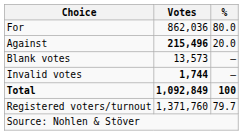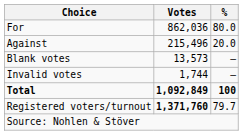 <table class=wikitable style=text-align:right>
 <tr>
 <th>Choice</th>
 <th>Votes</th>
 <th>%</th>
 </tr>
 <tr>
 <td align=left>For</td>
 <td>862,036</td>
 <td>80.0</td>
 </tr>
 <tr>
 <td align=left>Against</td>
-<td><strong>215,496</strong></td>
+<td>215,496</td>
 <td>20.0</td>
 </tr>
 <tr>
 <td align=left>Blank votes</td>
 <td>13,573</td>
 <td>–</td>
 </tr>
 <tr>
 <td align=left>Invalid votes</td>
-<td><strong>1,744</strong></td>
+<td>1,744</td>
 <td>–</td>
 </tr>
 <tr>
 <td align=left><strong>Total</strong></td>
 <td><strong>1,092,849</strong></td>
 <td><strong>100</strong></td>
 </tr>
 <tr>
 <td align=left>Registered voters/turnout</td>
-<td>1,371,760</td>
+<td><strong>1,371,760</strong></td>
 <td>79.7</td>
 </tr>
 <tr>
 <td align=left colspan=6>Source: Nohlen & Stöver</td>
 </tr>
 </table>
